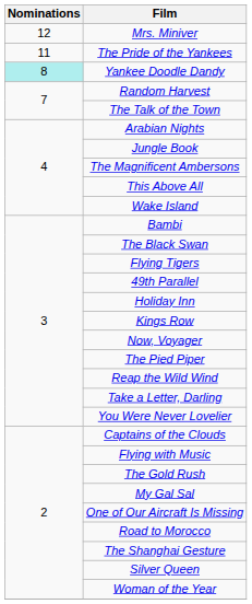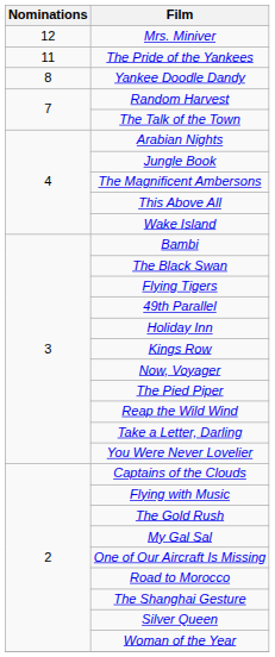 <table class="wikitable" rowspan="2" style="text-align:center;">
 <tr>
 <th scope="col" style="width:55px;">Nominations</th>
 <th scope="col" style="text-align:center;">Film</th>
 </tr>
 <tr>
 <td rowspan="1" style="text-align:center">12</td>
 <td><em><a href='#'>Mrs. Miniver</a></em></td>
 </tr>
 <tr>
 <td rowspan="1" style="text-align:center">11</td>
 <td><em><a href='#'>The Pride of the Yankees</a></em></td>
 </tr>
 <tr>
-<td rowspan="1" style="background: paleturquoise; text-align:center">8</td>
+<td rowspan="1" style="text-align:center">8</td>
 <td><em><a href='#'>Yankee Doodle Dandy</a></em></td>
 </tr>
 <tr>
 <td rowspan="2" style="text-align:center">7</td>
 <td><em><a href='#'>Random Harvest</a></em></td>
 </tr>
 <tr>
 <td><em><a href='#'>The Talk of the Town</a></em></td>
 </tr>
 <tr>
 <td rowspan="5" style="text-align:center">4</td>
 <td><em><a href='#'>Arabian Nights</a></em></td>
 </tr>
 <tr>
 <td><em><a href='#'>Jungle Book</a></em></td>
 </tr>
 <tr>
 <td><em><a href='#'>The Magnificent Ambersons</a></em></td>
 </tr>
 <tr>
 <td><em><a href='#'>This Above All</a></em></td>
 </tr>
 <tr>
 <td><em><a href='#'>Wake Island</a></em></td>
 </tr>
 <tr>
 <td rowspan="11" style="text-align:center">3</td>
 <td><em><a href='#'>Bambi</a></em></td>
 </tr>
 <tr>
 <td><em><a href='#'>The Black Swan</a></em></td>
 </tr>
 <tr>
 <td><em><a href='#'>Flying Tigers</a></em></td>
 </tr>
 <tr>
 <td><em><a href='#'>49th Parallel</a></em></td>
 </tr>
 <tr>
 <td><em><a href='#'>Holiday Inn</a></em></td>
 </tr>
 <tr>
 <td><em><a href='#'>Kings Row</a></em></td>
 </tr>
 <tr>
 <td><em><a href='#'>Now, Voyager</a></em></td>
 </tr>
 <tr>
 <td><em><a href='#'>The Pied Piper</a></em></td>
 </tr>
 <tr>
 <td><em><a href='#'>Reap the Wild Wind</a></em></td>
 </tr>
 <tr>
 <td><em><a href='#'>Take a Letter, Darling</a></em></td>
 </tr>
 <tr>
 <td><em><a href='#'>You Were Never Lovelier</a></em></td>
 </tr>
 <tr>
 <td rowspan="9" style="text-align:center">2</td>
 <td><em><a href='#'>Captains of the Clouds</a></em></td>
 </tr>
 <tr>
 <td><em><a href='#'>Flying with Music</a></em></td>
 </tr>
 <tr>
 <td><em><a href='#'>The Gold Rush</a></em></td>
 </tr>
 <tr>
 <td><em><a href='#'>My Gal Sal</a></em></td>
 </tr>
 <tr>
 <td><em><a href='#'>One of Our Aircraft Is Missing</a></em></td>
 </tr>
 <tr>
 <td><em><a href='#'>Road to Morocco</a></em></td>
 </tr>
 <tr>
 <td><em><a href='#'>The Shanghai Gesture</a></em></td>
 </tr>
 <tr>
 <td><em><a href='#'>Silver Queen</a></em></td>
 </tr>
 <tr>
 <td><em><a href='#'>Woman of the Year</a></em></td>
 </tr>
 <tr>
 </tr>
 </table>
